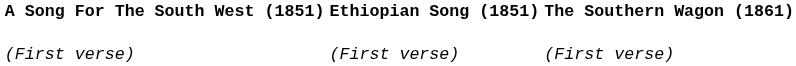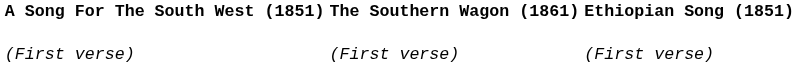 <table>
 <tr>
 <td align="center"><strong>A Song For The South West (1851)</strong></td>
+<td align="center"><strong>The Southern Wagon (1861)</strong></td>
 <td align="center"><strong>Ethiopian Song (1851)</strong></td>
-<td align="center"><strong>The Southern Wagon (1861)</strong></td>
 </tr>
 <tr>
 <td valign="top"><br><em>(First verse)</em></td>
 <td valign="top"><br><em>(First verse)</em></td>
 <td valign="top"><br><em>(First verse)</em></td>
 </tr>
 </table>
